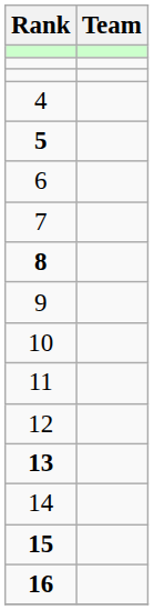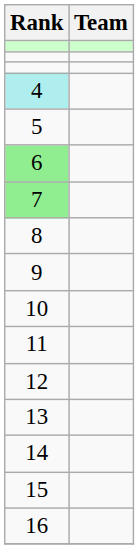 <table class="wikitable">
 <tr>
 <th>Rank</th>
 <th>Team</th>
 </tr>
 <tr bgcolor=ccffcc>
 <td align=center></td>
 <td></td>
 </tr>
 <tr>
 <td align=center></td>
 <td></td>
 </tr>
 <tr>
 <td align=center></td>
 <td></td>
 </tr>
 <tr>
-<td align=center>4</td>
+<td align=center style="background: paleturquoise;">4</td>
 <td></td>
 </tr>
 <tr>
-<td align=center><strong>5</strong></td>
+<td align=center>5</td>
 <td></td>
 </tr>
 <tr>
-<td align=center>6</td>
+<td align=center style="background: lightgreen;">6</td>
 <td></td>
 </tr>
 <tr>
-<td align=center>7</td>
+<td align=center style="background: lightgreen;">7</td>
 <td></td>
 </tr>
 <tr>
-<td align=center><strong>8</strong></td>
+<td align=center>8</td>
 <td></td>
 </tr>
 <tr>
 <td align=center>9</td>
 <td></td>
 </tr>
 <tr>
 <td align=center>10</td>
 <td></td>
 </tr>
 <tr>
 <td align=center>11</td>
 <td></td>
 </tr>
 <tr>
 <td align=center>12</td>
 <td></td>
 </tr>
 <tr>
-<td align=center><strong>13</strong></td>
+<td align=center>13</td>
 <td></td>
 </tr>
 <tr>
 <td align=center>14</td>
 <td></td>
 </tr>
 <tr>
-<td align=center><strong>15</strong></td>
+<td align=center>15</td>
 <td></td>
 </tr>
 <tr>
-<td align=center><strong>16</strong></td>
+<td align=center>16</td>
 <td></td>
 </tr>
 <tr>
 </tr>
 </table>
